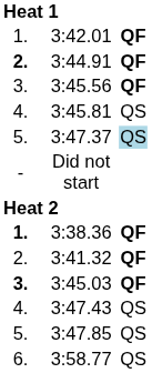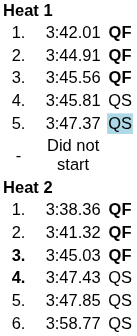 <table style="text-align:center">
 <tr>
 <td colspan=4 align=left><strong>Heat 1</strong></td>
 </tr>
 <tr>
 <td width=30>1.</td>
 <td align=left></td>
 <td width=60>3:42.01</td>
 <td><strong>QF</strong></td>
 </tr>
 <tr>
-<td><strong>2.</strong></td>
+<td>2.</td>
 <td align=left></td>
 <td>3:44.91</td>
 <td><strong>QF</strong></td>
 </tr>
 <tr>
 <td>3.</td>
 <td align=left></td>
 <td>3:45.56</td>
 <td><strong>QF</strong></td>
 </tr>
 <tr>
 <td>4.</td>
 <td align=left></td>
 <td>3:45.81</td>
 <td>QS</td>
 </tr>
 <tr>
 <td>5.</td>
 <td align=left></td>
 <td>3:47.37</td>
 <td style="background: lightblue;">QS</td>
 </tr>
 <tr>
 <td>-</td>
 <td align=left></td>
 <td>Did not start</td>
 <td></td>
 </tr>
 <tr>
 <td colspan=4 align=left><strong>Heat 2</strong></td>
 </tr>
 <tr>
-<td><strong>1.</strong></td>
+<td>1.</td>
 <td align=left></td>
 <td>3:38.36</td>
 <td><strong>QF</strong></td>
 </tr>
 <tr>
 <td>2.</td>
 <td align=left></td>
 <td>3:41.32</td>
 <td><strong>QF</strong></td>
 </tr>
 <tr>
 <td><strong>3.</strong></td>
 <td align=left></td>
 <td>3:45.03</td>
 <td><strong>QF</strong></td>
 </tr>
 <tr>
-<td>4.</td>
+<td><strong>4.</strong></td>
 <td align=left></td>
 <td>3:47.43</td>
 <td>QS</td>
 </tr>
 <tr>
 <td>5.</td>
 <td align=left></td>
 <td>3:47.85</td>
 <td>QS</td>
 </tr>
 <tr>
 <td>6.</td>
 <td align=left></td>
 <td>3:58.77</td>
 <td>QS</td>
 </tr>
 </table>
